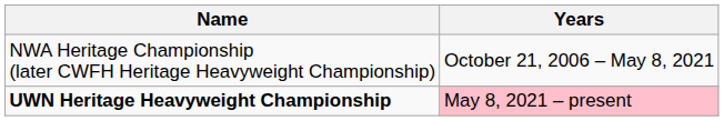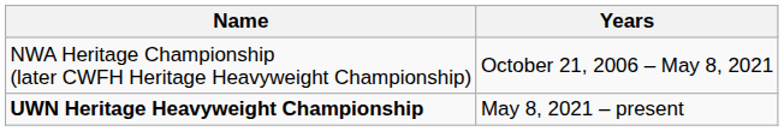 <table class="wikitable">
 <tr>
 <th>Name</th>
 <th>Years</th>
 </tr>
 <tr>
 <td>NWA Heritage Championship<br>(later CWFH Heritage Heavyweight Championship)</td>
 <td>October 21, 2006 – May 8, 2021</td>
 </tr>
 <tr>
 <td><strong>UWN Heritage Heavyweight Championship</strong></td>
-<td style="background: pink;">May 8, 2021  – present</td>
+<td>May 8, 2021  – present</td>
 </tr>
 </table>
